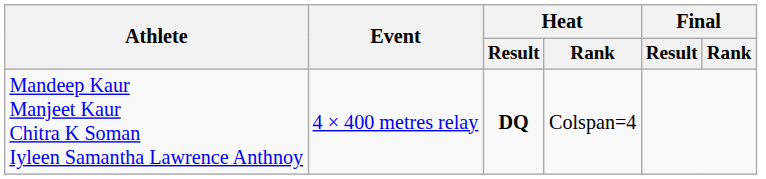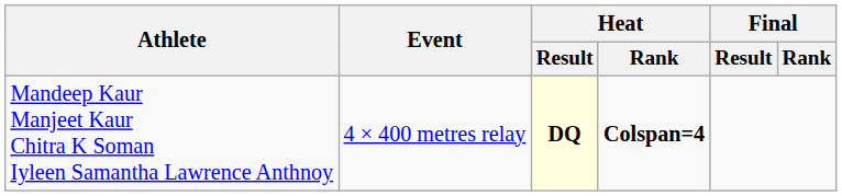 <table class="wikitable" style="font-size:90%">
 <tr>
 <th rowspan="2">Athlete</th>
 <th rowspan="2">Event</th>
 <th colspan="2">Heat</th>
 <th colspan="2">Final</th>
 </tr>
 <tr style="font-size:95%">
 <th>Result</th>
 <th>Rank</th>
 <th>Result</th>
 <th>Rank</th>
 </tr>
 <tr style="text-align:center">
 <td style="text-align:left"><a href='#'>Mandeep Kaur</a><br><a href='#'>Manjeet Kaur</a><br><a href='#'>Chitra K Soman</a><br><a href='#'>Iyleen Samantha Lawrence Anthnoy</a></td>
 <td style="text-align:left"><a href='#'>4 × 400 metres relay</a></td>
-<td><strong>DQ</strong></td>
-<td>Colspan=4 </td>
+<td style="background: lightyellow;"><strong>DQ</strong></td>
+<td><strong>Colspan=4 </strong></td>
 </tr>
 </table>
